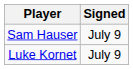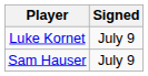 <table class="wikitable sortable sortable" style="text-align: center">
 <tr>
 <th>Player</th>
 <th>Signed</th>
 </tr>
 <tr>
+<td><a href='#'>Luke Kornet</a></td>
+<td>July 9</td>
+</tr>
+<tr>
 <td><a href='#'>Sam Hauser</a></td>
 <td>July 9</td>
 </tr>
-<tr>
-<td><a href='#'>Luke Kornet</a></td>
-<td>July 9</td>
-</tr>
 </table>
